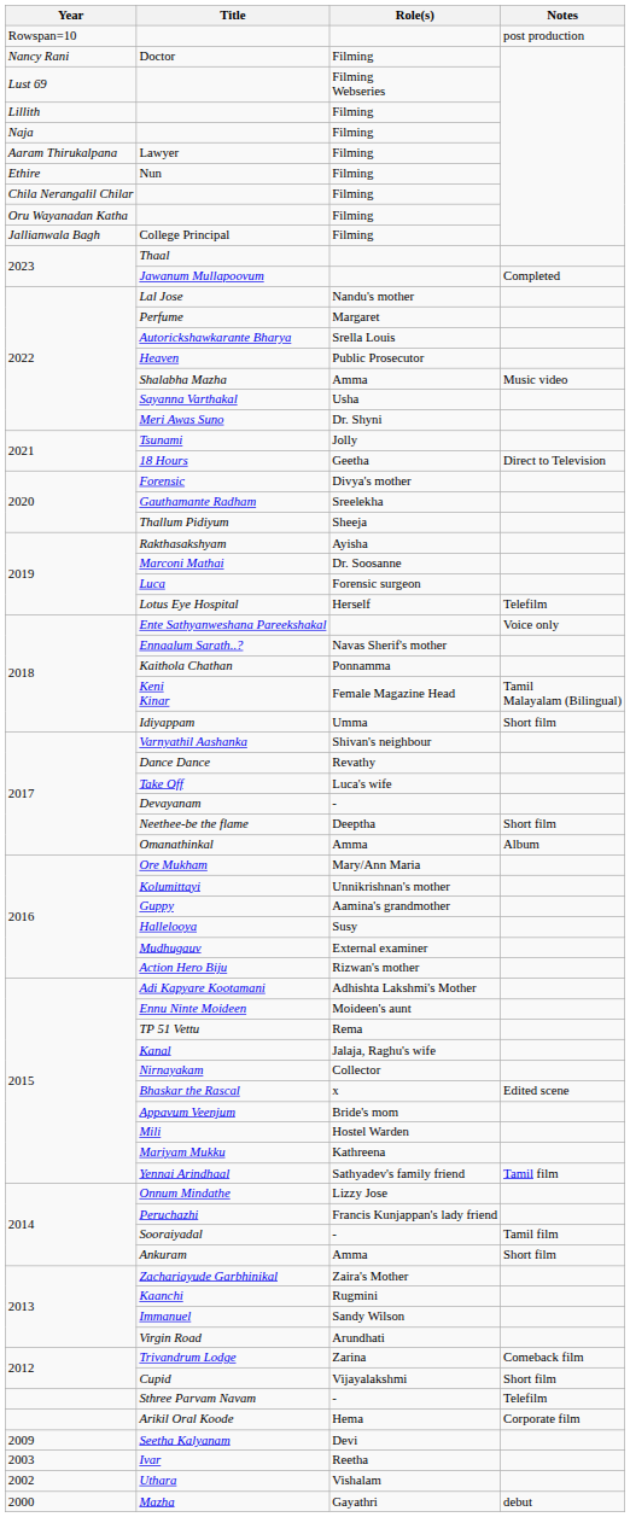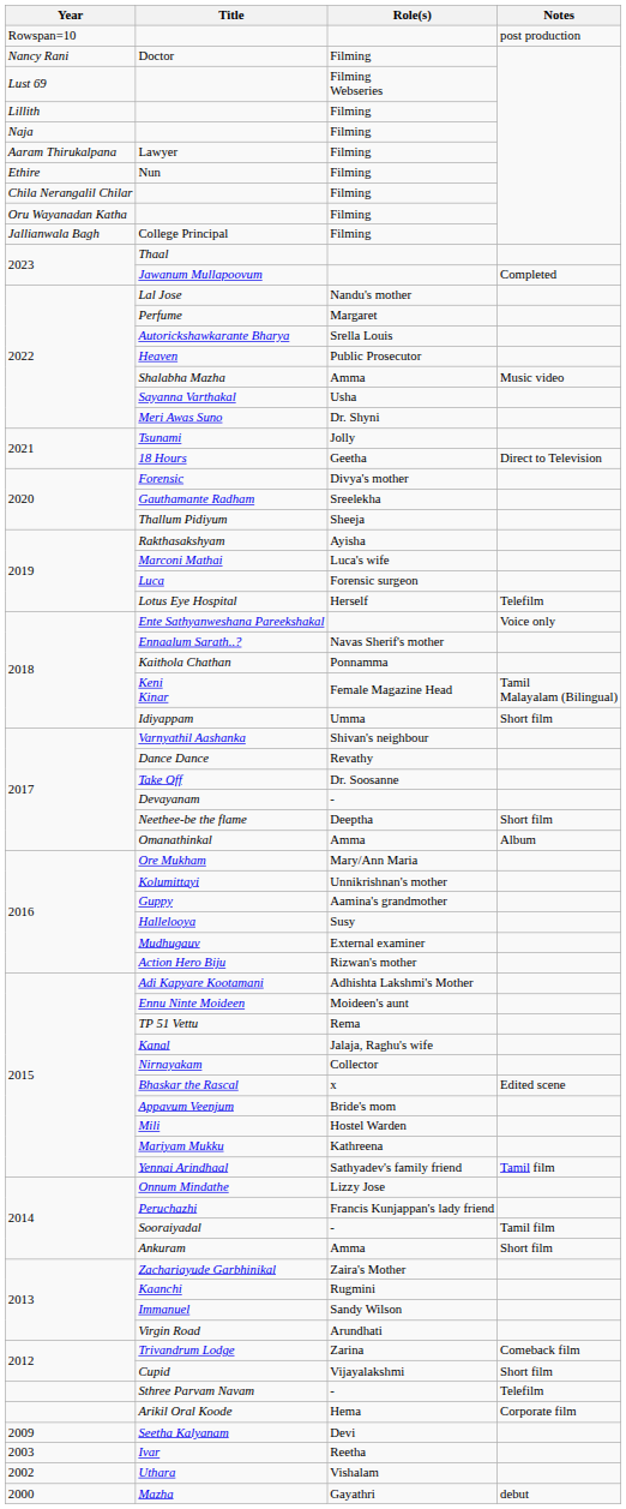 <table class="wikitable sortable">
 <tr>
 <th>Year</th>
 <th>Title</th>
 <th>Role(s)</th>
 <th class="unsortable">Notes</th>
 </tr>
 <tr>
 <td>Rowspan=10 </td>
 <td></td>
 <td></td>
 <td>post production</td>
 </tr>
 <tr>
 <td><em>Nancy Rani</em></td>
 <td>Doctor</td>
 <td>Filming</td>
 </tr>
 <tr>
 <td><em>Lust 69</em></td>
 <td></td>
 <td>Filming <br> Webseries</td>
 </tr>
 <tr>
 <td><em>Lillith</em></td>
 <td></td>
 <td>Filming</td>
 </tr>
 <tr>
 <td><em>Naja</em></td>
 <td></td>
 <td>Filming</td>
 </tr>
 <tr>
 <td><em>Aaram Thirukalpana</em></td>
 <td>Lawyer</td>
 <td>Filming</td>
 </tr>
 <tr>
 <td><em>Ethire</em></td>
 <td>Nun</td>
 <td>Filming</td>
 </tr>
 <tr>
 <td><em>Chila Nerangalil Chilar</em></td>
 <td></td>
 <td>Filming</td>
 </tr>
 <tr>
 <td><em>Oru Wayanadan Katha</em></td>
 <td></td>
 <td>Filming</td>
 </tr>
 <tr>
 <td><em>Jallianwala Bagh</em></td>
 <td>College Principal</td>
 <td>Filming</td>
 </tr>
 <tr>
 <td rowspan=2>2023</td>
 <td><em>Thaal</em></td>
 <td></td>
 <td></td>
 </tr>
 <tr>
 <td><em><a href='#'>Jawanum Mullapoovum</a></em></td>
 <td></td>
 <td>Completed</td>
 </tr>
 <tr>
 <td Rowspan=7>2022</td>
 <td><em>Lal Jose</em></td>
 <td>Nandu's mother</td>
 <td></td>
 </tr>
 <tr>
 <td><em>Perfume</em></td>
 <td>Margaret</td>
 <td></td>
 </tr>
 <tr>
 <td><em><a href='#'>Autorickshawkarante Bharya</a></em></td>
 <td>Srella Louis</td>
 <td></td>
 </tr>
 <tr>
 <td><a href='#'><em>Heaven</em></a></td>
 <td>Public Prosecutor</td>
 <td></td>
 </tr>
 <tr>
 <td><em>Shalabha Mazha</em></td>
 <td>Amma</td>
 <td>Music video</td>
 </tr>
 <tr>
 <td><em><a href='#'>Sayanna Varthakal</a></em></td>
 <td>Usha</td>
 <td></td>
 </tr>
 <tr>
 <td><em><a href='#'>Meri Awas Suno</a></em></td>
 <td>Dr. Shyni</td>
 <td></td>
 </tr>
 <tr>
 <td Rowspan=2>2021</td>
 <td><a href='#'><em>Tsunami</em></a></td>
 <td>Jolly</td>
 <td></td>
 </tr>
 <tr>
 <td><a href='#'><em>18 Hours</em></a></td>
 <td>Geetha</td>
 <td>Direct to Television</td>
 </tr>
 <tr>
 <td Rowspan=3>2020</td>
 <td><a href='#'><em>Forensic</em></a></td>
 <td>Divya's mother</td>
 <td></td>
 </tr>
 <tr>
 <td><em><a href='#'>Gauthamante Radham</a></em></td>
 <td>Sreelekha</td>
 <td></td>
 </tr>
 <tr>
 <td><em>Thallum Pidiyum</em></td>
 <td>Sheeja</td>
 <td></td>
 </tr>
 <tr>
 <td Rowspan=4>2019</td>
 <td><em>Rakthasakshyam</em></td>
 <td>Ayisha</td>
 <td></td>
 </tr>
 <tr>
 <td><em><a href='#'>Marconi Mathai</a></em></td>
-<td>Dr. Soosanne</td>
+<td>Luca's wife</td>
 <td></td>
 </tr>
 <tr>
 <td><a href='#'><em>Luca</em></a></td>
 <td>Forensic surgeon</td>
 <td></td>
 </tr>
 <tr>
 <td><em>Lotus Eye Hospital</em></td>
 <td>Herself</td>
 <td>Telefilm</td>
 </tr>
 <tr>
 <td rowspan=5>2018</td>
 <td><em><a href='#'>Ente Sathyanweshana Pareekshakal</a></em></td>
 <td></td>
 <td>Voice only</td>
 </tr>
 <tr>
 <td><em><a href='#'>Ennaalum Sarath..?</a></em></td>
 <td>Navas Sherif's mother</td>
 <td></td>
 </tr>
 <tr>
 <td><em>Kaithola Chathan</em></td>
 <td>Ponnamma</td>
 <td></td>
 </tr>
 <tr>
 <td><a href='#'><em>Keni<br> Kinar</em></a></td>
 <td>Female Magazine Head</td>
 <td>Tamil <br>Malayalam (Bilingual)</td>
 </tr>
 <tr>
 <td><em>Idiyappam</em></td>
 <td>Umma</td>
 <td>Short film</td>
 </tr>
 <tr>
 <td Rowspan=6>2017</td>
 <td><em><a href='#'>Varnyathil Aashanka</a></em></td>
 <td>Shivan's neighbour</td>
 <td></td>
 </tr>
 <tr>
 <td><em>Dance Dance</em></td>
 <td>Revathy</td>
 <td></td>
 </tr>
 <tr>
 <td><a href='#'><em>Take Off</em></a></td>
-<td>Luca's wife</td>
+<td>Dr. Soosanne</td>
 <td></td>
 </tr>
 <tr>
 <td><em>Devayanam</em></td>
 <td>-</td>
 <td></td>
 </tr>
 <tr>
 <td><em>Neethee-be the flame</em></td>
 <td>Deeptha</td>
 <td>Short film</td>
 </tr>
 <tr>
 <td><em>Omanathinkal</em></td>
 <td>Amma</td>
 <td>Album</td>
 </tr>
 <tr>
 <td Rowspan=6>2016</td>
 <td><em><a href='#'>Ore Mukham</a></em></td>
 <td>Mary/Ann Maria</td>
 <td></td>
 </tr>
 <tr>
 <td><em><a href='#'>Kolumittayi</a></em></td>
 <td>Unnikrishnan's mother</td>
 <td></td>
 </tr>
 <tr>
 <td><a href='#'><em>Guppy</em></a></td>
 <td>Aamina's grandmother</td>
 <td></td>
 </tr>
 <tr>
 <td><em><a href='#'>Hallelooya</a></em></td>
 <td>Susy</td>
 <td></td>
 </tr>
 <tr>
 <td><em><a href='#'>Mudhugauv</a></em></td>
 <td>External examiner</td>
 <td></td>
 </tr>
 <tr>
 <td><em><a href='#'>Action Hero Biju</a></em></td>
 <td>Rizwan's mother</td>
 <td></td>
 </tr>
 <tr>
 <td Rowspan=10>2015</td>
 <td><em><a href='#'>Adi Kapyare Kootamani</a></em></td>
 <td>Adhishta Lakshmi's Mother</td>
 <td></td>
 </tr>
 <tr>
 <td><em><a href='#'>Ennu Ninte Moideen</a></em></td>
 <td>Moideen's aunt</td>
 <td></td>
 </tr>
 <tr>
 <td><em>TP 51 Vettu</em></td>
 <td>Rema</td>
 <td></td>
 </tr>
 <tr>
 <td><a href='#'><em>Kanal</em></a></td>
 <td>Jalaja, Raghu's wife</td>
 <td></td>
 </tr>
 <tr>
 <td><em><a href='#'>Nirnayakam</a></em></td>
 <td>Collector</td>
 <td></td>
 </tr>
 <tr>
 <td><em><a href='#'>Bhaskar the Rascal</a></em></td>
 <td>x</td>
 <td>Edited scene</td>
 </tr>
 <tr>
 <td><em><a href='#'>Appavum Veenjum</a></em></td>
 <td>Bride's mom</td>
 <td></td>
 </tr>
 <tr>
 <td><a href='#'><em>Mili</em></a></td>
 <td>Hostel Warden</td>
 <td></td>
 </tr>
 <tr>
 <td><em><a href='#'>Mariyam Mukku</a></em></td>
 <td>Kathreena</td>
 <td></td>
 </tr>
 <tr>
 <td><em><a href='#'>Yennai Arindhaal</a></em></td>
 <td>Sathyadev's family friend</td>
 <td><a href='#'>Tamil</a> film</td>
 </tr>
 <tr>
 <td Rowspan=4>2014</td>
 <td><em><a href='#'>Onnum Mindathe</a></em></td>
 <td>Lizzy Jose</td>
 <td></td>
 </tr>
 <tr>
 <td><em><a href='#'>Peruchazhi</a></em></td>
 <td>Francis Kunjappan's lady friend</td>
 <td></td>
 </tr>
 <tr>
 <td><em>Sooraiyadal</em></td>
 <td>-</td>
 <td>Tamil film</td>
 </tr>
 <tr>
 <td><em>Ankuram</em></td>
 <td>Amma</td>
 <td>Short film</td>
 </tr>
 <tr>
 <td Rowspan=4>2013</td>
 <td><em><a href='#'>Zachariayude Garbhinikal</a></em></td>
 <td>Zaira's Mother</td>
 <td></td>
 </tr>
 <tr>
 <td><a href='#'><em>Kaanchi</em></a></td>
 <td>Rugmini</td>
 <td></td>
 </tr>
 <tr>
 <td><a href='#'><em>Immanuel</em></a></td>
 <td>Sandy Wilson</td>
 <td></td>
 </tr>
 <tr>
 <td><em>Virgin Road</em></td>
 <td>Arundhati</td>
 <td></td>
 </tr>
 <tr>
 <td Rowspan=2>2012</td>
 <td><em><a href='#'>Trivandrum Lodge</a></em></td>
 <td>Zarina</td>
 <td>Comeback film</td>
 </tr>
 <tr>
 <td><em>Cupid</em></td>
 <td>Vijayalakshmi</td>
 <td>Short film</td>
 </tr>
 <tr>
 <td></td>
 <td><em>Sthree Parvam Navam</em></td>
 <td>-</td>
 <td>Telefilm</td>
 </tr>
 <tr>
 <td></td>
 <td><em>Arikil Oral Koode</em></td>
 <td>Hema</td>
 <td>Corporate film</td>
 </tr>
 <tr>
 <td>2009</td>
 <td><a href='#'><em>Seetha Kalyanam</em></a></td>
 <td>Devi</td>
 <td></td>
 </tr>
 <tr>
 <td>2003</td>
 <td><a href='#'><em>Ivar</em></a></td>
 <td>Reetha</td>
 <td></td>
 </tr>
 <tr>
 <td>2002</td>
 <td><em><a href='#'>Uthara</a></em></td>
 <td>Vishalam</td>
 <td></td>
 </tr>
 <tr>
 <td>2000</td>
 <td><em><a href='#'>Mazha</a></em></td>
 <td>Gayathri</td>
 <td>debut</td>
 </tr>
 </table>
